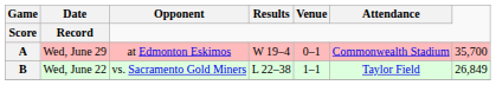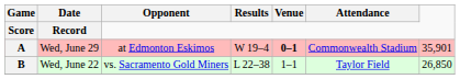 <table class="wikitable" style="text-align:center">
 <tr>
 <th>Game</th>
 <th>Date</th>
 <th>Opponent</th>
 <th>Results</th>
 <th>Venue</th>
 <th>Attendance</th>
 </tr>
 <tr>
 <th>Score</th>
 <th>Record</th>
 </tr>
 <tr style="background:#ffbbbb">
 <th>A</th>
 <td>Wed, June 29</td>
 <td>at <a href='#'>Edmonton Eskimos</a></td>
 <td>W 19–4</td>
-<td>0–1</td>
+<td><strong>0–1</strong></td>
 <td><a href='#'>Commonwealth Stadium</a></td>
-<td>35,700</td>
+<td>35,901</td>
 </tr>
 <tr style="background:#ddffdd">
 <th>B</th>
 <td>Wed, June 22</td>
 <td>vs. <a href='#'>Sacramento Gold Miners</a></td>
 <td>L 22–38</td>
 <td>1–1</td>
 <td><a href='#'>Taylor Field</a></td>
-<td>26,849</td>
+<td>26,850</td>
 </tr>
 <tr>
 </tr>
 </table>
